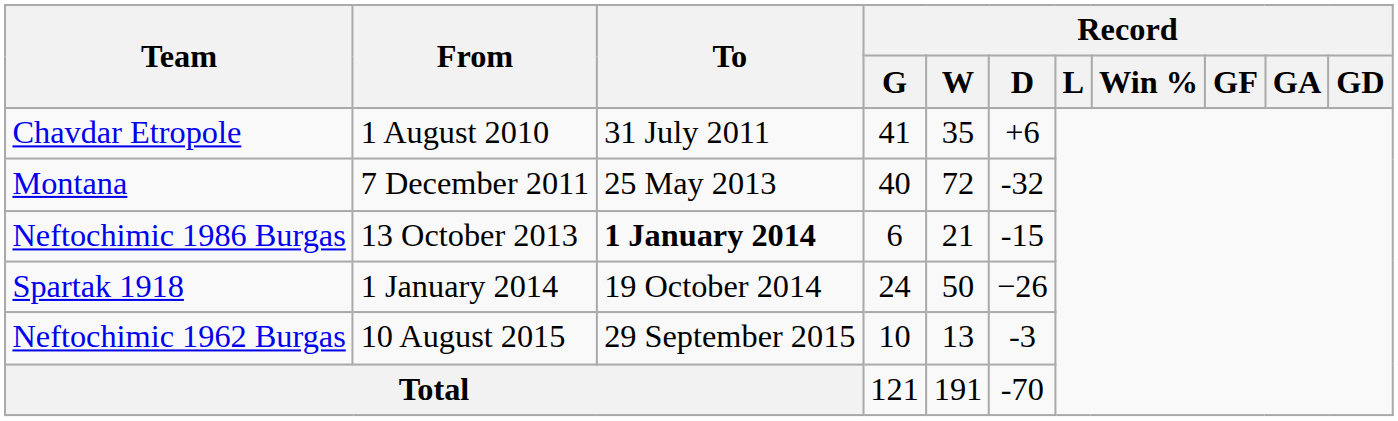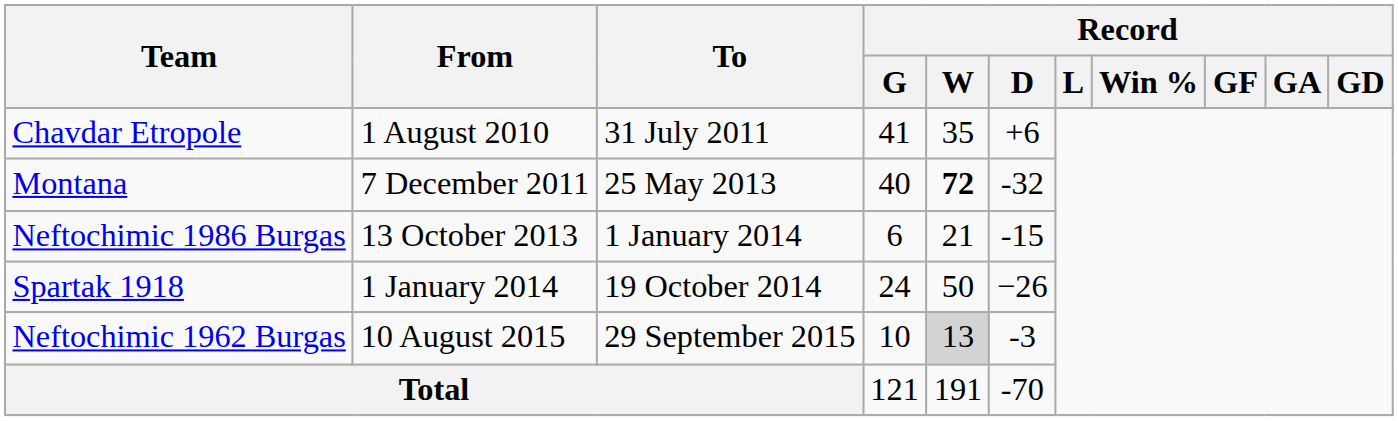 <table class="wikitable" style="text-align: center">
 <tr>
 <th rowspan=2>Team</th>
 <th rowspan=2>From</th>
 <th rowspan=2>To</th>
 <th colspan=8>Record</th>
 </tr>
 <tr>
 <th>G</th>
 <th>W</th>
 <th>D</th>
 <th>L</th>
 <th>Win %</th>
 <th>GF</th>
 <th>GA</th>
 <th>GD</th>
 </tr>
 <tr>
 <td align=left><a href='#'>Chavdar Etropole</a></td>
 <td align=left>1 August 2010</td>
 <td align=left>31 July 2011<br></td>
 <td align=centre>41</td>
 <td align=centre>35</td>
 <td align=centre>+6</td>
 </tr>
 <tr>
 <td align=left><a href='#'>Montana</a></td>
 <td align=left>7 December 2011</td>
 <td align=left>25 May 2013<br></td>
 <td align=centre>40</td>
-<td align=centre>72</td>
+<td align=centre><strong>72</strong></td>
 <td align=centre>-32</td>
 </tr>
 <tr>
 <td align=left><a href='#'>Neftochimic 1986 Burgas</a></td>
 <td align=left>13 October 2013</td>
-<td align=left><strong>1 January 2014<br></strong></td>
+<td align=left>1 January 2014<br></td>
 <td align=centre>6</td>
 <td align=centre>21</td>
 <td align=centre>-15</td>
 </tr>
 <tr>
 <td align=left><a href='#'>Spartak 1918</a></td>
 <td align=left>1 January 2014</td>
 <td align=left>19 October 2014<br></td>
 <td align=centre>24</td>
 <td align=centre>50</td>
 <td align=centre>−26</td>
 </tr>
 <tr>
 <td align=left><a href='#'>Neftochimic 1962 Burgas</a></td>
 <td align=left>10 August 2015</td>
 <td align=left>29 September 2015<br></td>
 <td align=centre>10</td>
-<td align=centre>13</td>
+<td align=centre style="background: lightgrey;">13</td>
 <td align=centre>-3</td>
 </tr>
 <tr>
 <th colspan=3>Total<br></th>
 <td align=centre>121</td>
 <td align=centre>191</td>
 <td align=centre>-70</td>
 </tr>
 </table>
